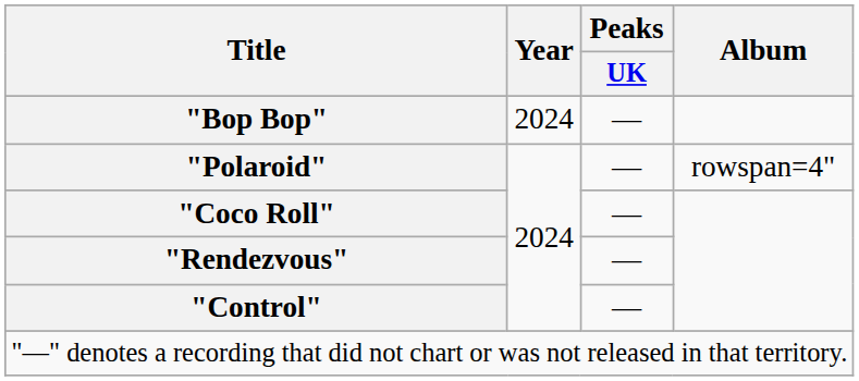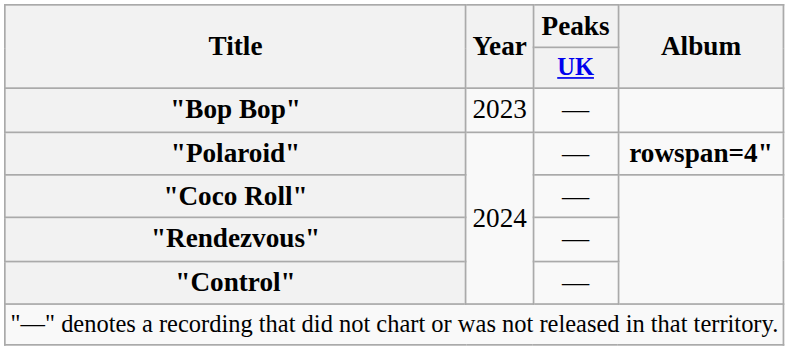 <table class="wikitable plainrowheaders" style="text-align:center;">
 <tr>
 <th scope="col" rowspan="2" style="width:16.5em;">Title</th>
 <th scope="col" rowspan="2" style="width:1em;">Year</th>
 <th scope="col" colspan="1">Peaks</th>
 <th scope="col" rowspan="2">Album</th>
 </tr>
 <tr>
 <th scope="col" style="width:3em;font-size:90%;"><a href='#'>UK</a></th>
 </tr>
 <tr>
 <th scope="row">"Bop Bop"</th>
-<td>2024</td>
+<td>2023</td>
 <td>—</td>
 <td></td>
 </tr>
 <tr>
 <th scope="row">"Polaroid"</th>
 <td rowspan="4">2024</td>
 <td>—</td>
-<td>rowspan=4" </td>
+<td><strong>rowspan=4" </strong></td>
 </tr>
 <tr>
 <th scope="row">"Coco Roll"</th>
 <td>—</td>
 </tr>
 <tr>
 <th scope="row">"Rendezvous"</th>
 <td>—</td>
 </tr>
 <tr>
 <th scope="row">"Control"</th>
 <td>—</td>
 </tr>
 <tr>
 <td colspan="14" style="font-size:90%">"—" denotes a recording that did not chart or was not released in that territory.</td>
 </tr>
 </table>
